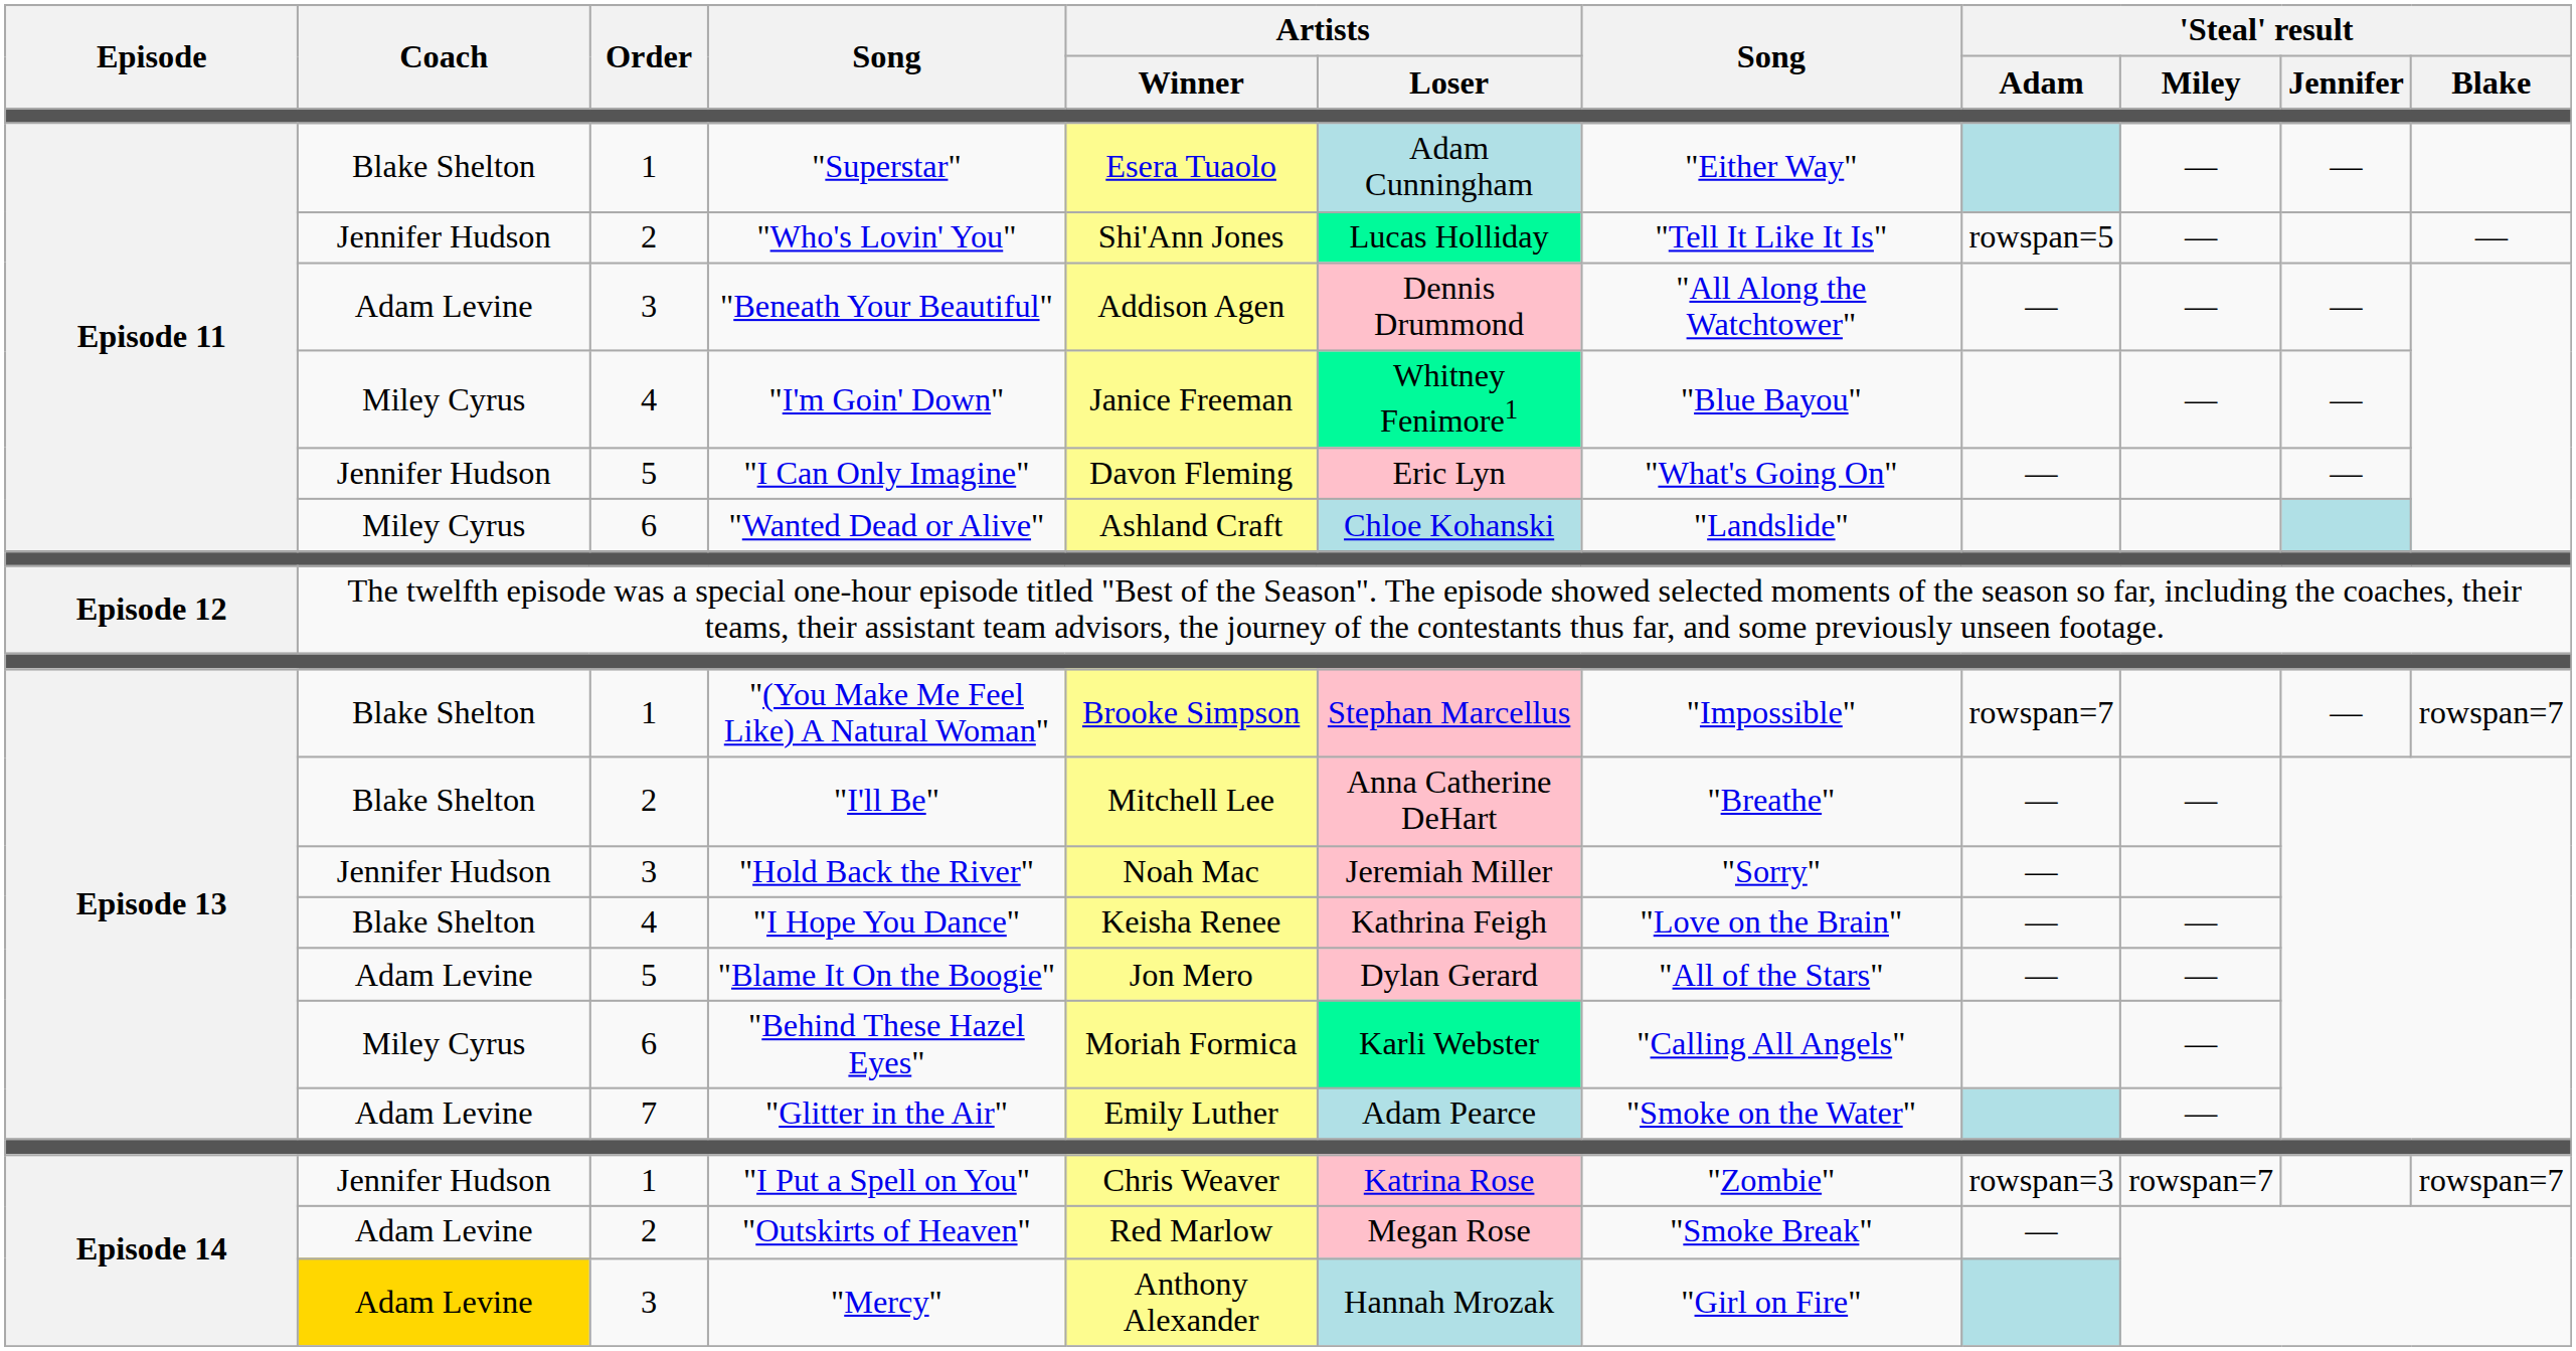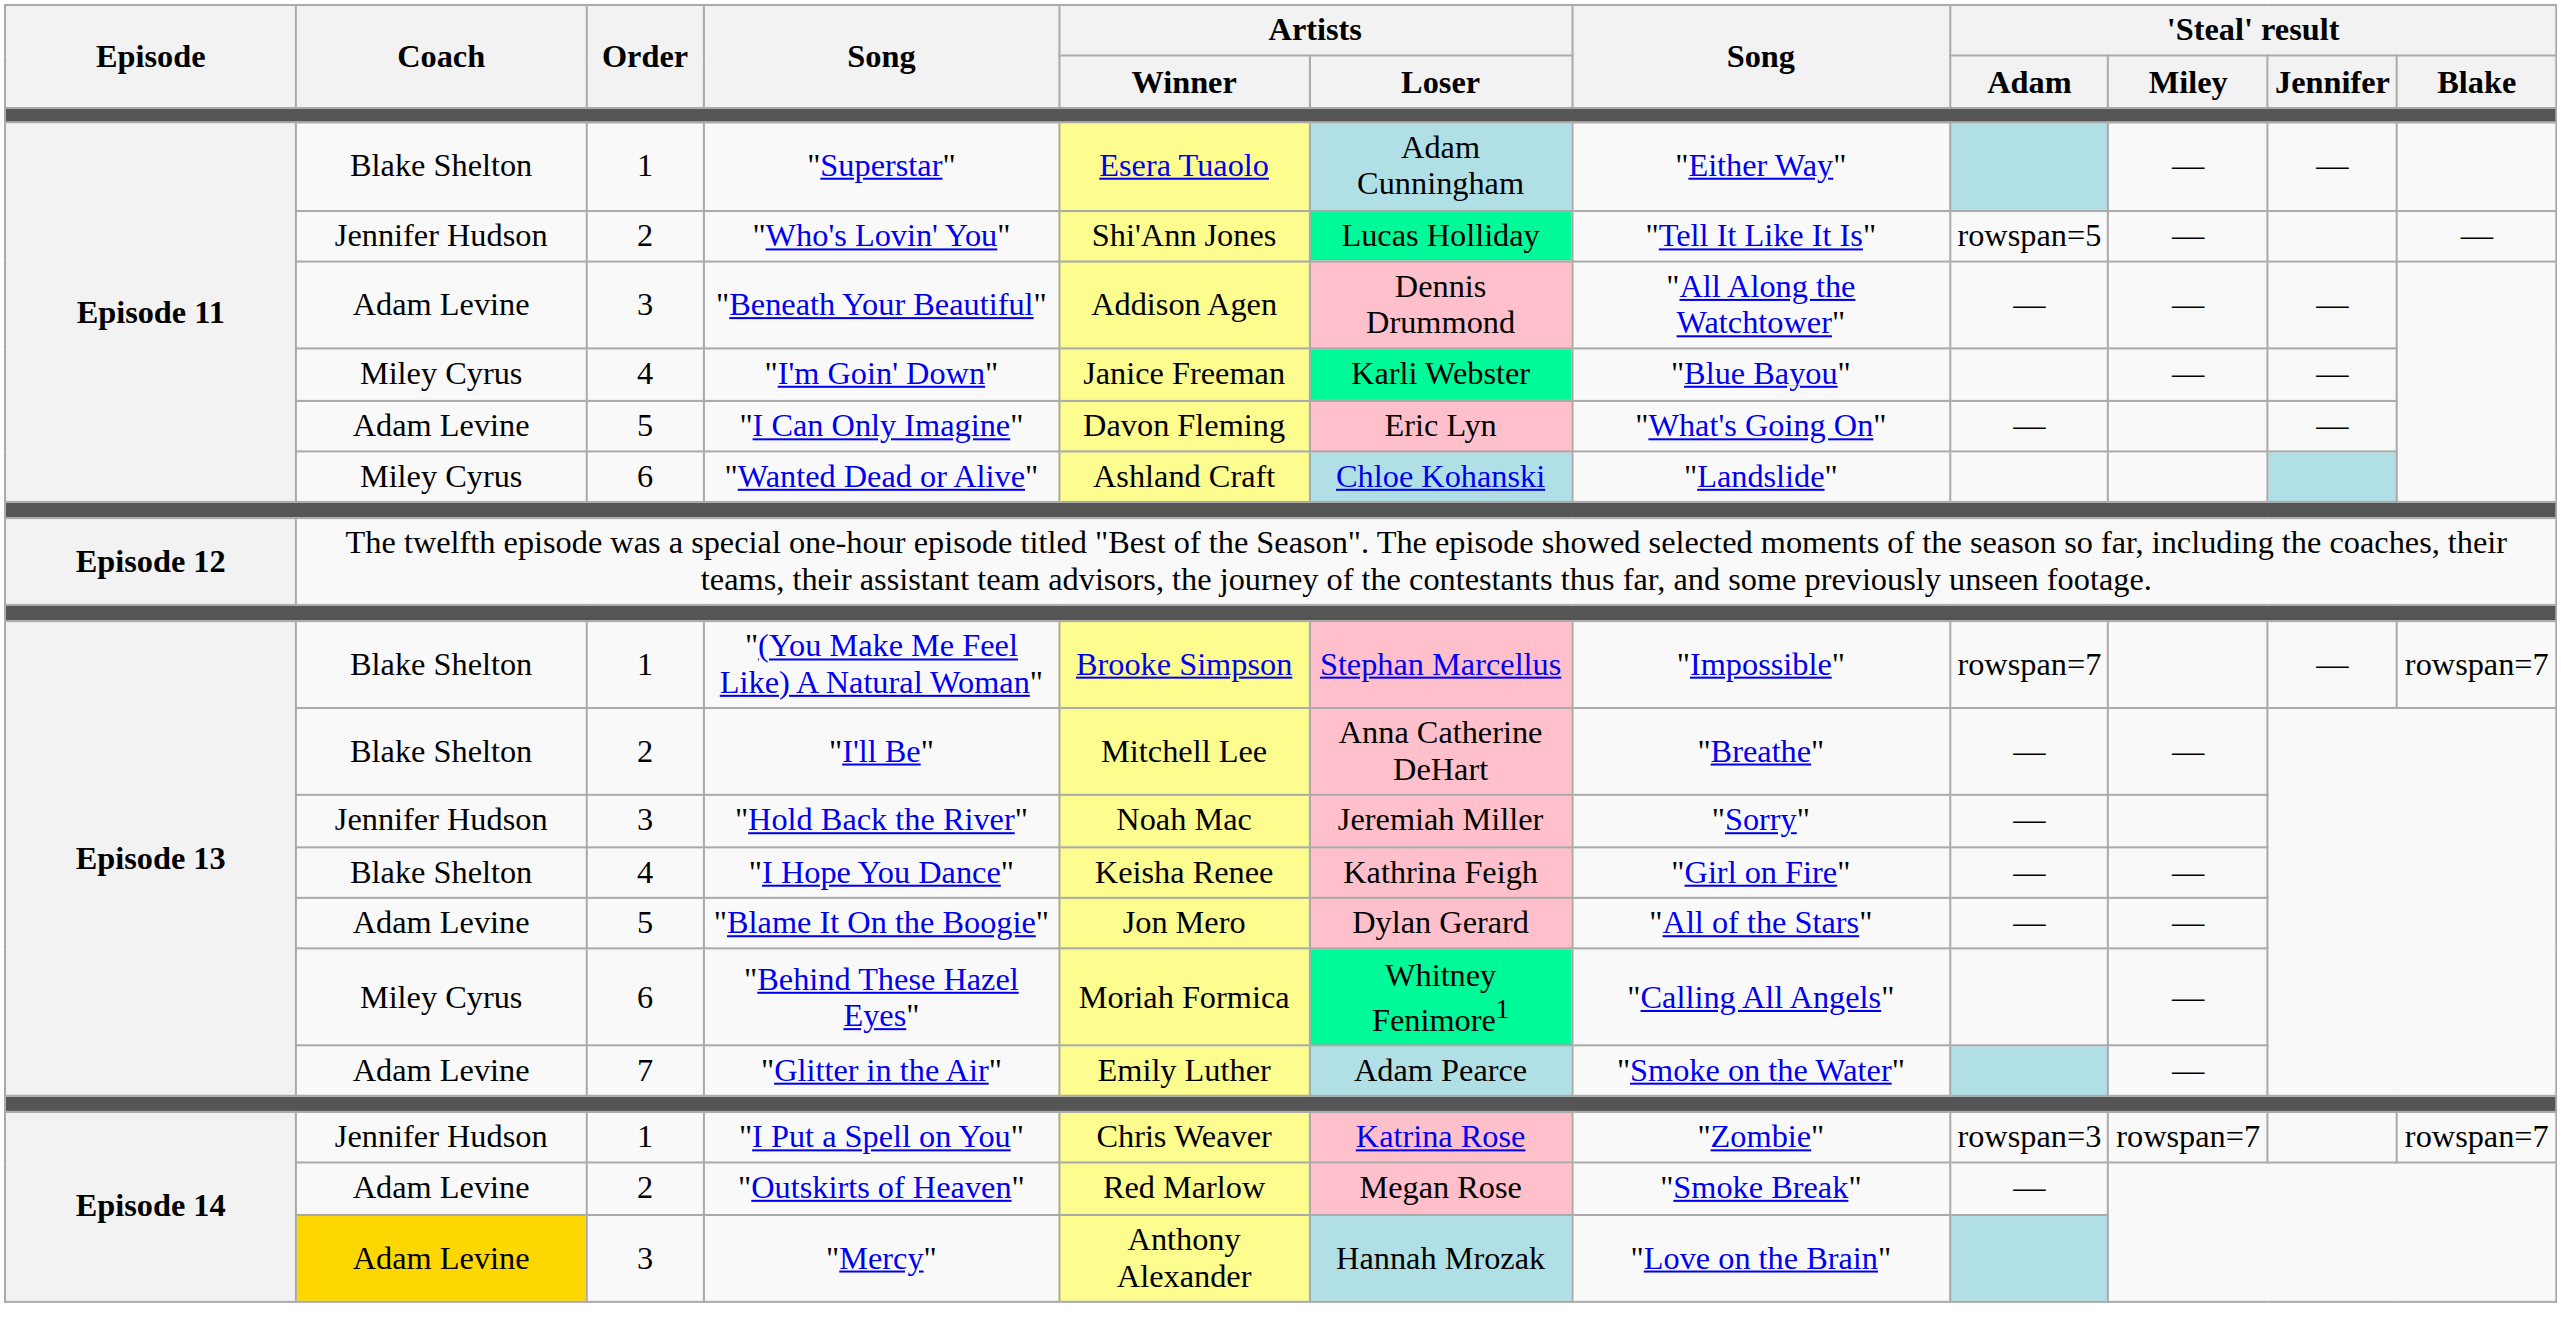 <table class="wikitable" style="text-align: center; width:100%;">
 <tr>
 <th rowspan="2" style="width:15%;">Episode</th>
 <th rowspan="2" style="width:15%;">Coach</th>
 <th rowspan="2" style="width:05%;">Order</th>
 <th rowspan="2" style="width:18%;">Song</th>
 <th colspan="2" style="width:22%;">Artists</th>
 <th rowspan="2" style="width:19%;">Song</th>
 <th colspan="4" style="width:20%;">'Steal' result</th>
 </tr>
 <tr>
 <th style="width:12%;">Winner</th>
 <th style="width:12%;">Loser</th>
 <th style="width:05%;">Adam</th>
 <th style="width:05%;">Miley</th>
 <th style="width:05%;">Jennifer</th>
 <th style="width:05%;">Blake</th>
 </tr>
 <tr>
 <td colspan="11" style="background:#555;"></td>
 </tr>
 <tr>
 <th rowspan="6">Episode 11 <br><small></small></th>
 <td>Blake Shelton</td>
 <td>1</td>
 <td>"<a href='#'>Superstar</a>"</td>
 <td style="background:#fdfc8f;"><a href='#'>Esera Tuaolo</a></td>
 <td style="background:#B0E0E6;">Adam Cunningham</td>
 <td>"<a href='#'>Either Way</a>"</td>
 <td style="background:#B0E0E6;"><strong></strong></td>
 <td>—</td>
 <td>—</td>
 <td></td>
 </tr>
 <tr>
 <td>Jennifer Hudson</td>
 <td>2</td>
 <td>"<a href='#'>Who's Lovin' You</a>"</td>
 <td style="background:#fdfc8f;">Shi'Ann Jones</td>
 <td style="background:#00fa9a;">Lucas Holliday</td>
 <td>"<a href='#'>Tell It Like It Is</a>"</td>
 <td>rowspan=5 </td>
 <td>—</td>
 <td></td>
 <td>—</td>
 </tr>
 <tr>
 <td>Adam Levine</td>
 <td>3</td>
 <td>"<a href='#'>Beneath Your Beautiful</a>"</td>
 <td style="background:#fdfc8f;">Addison Agen</td>
 <td style="background:pink;">Dennis Drummond</td>
 <td>"<a href='#'>All Along the Watchtower</a>"</td>
 <td>—</td>
 <td>—</td>
 <td>—</td>
 </tr>
 <tr>
 <td>Miley Cyrus</td>
 <td>4</td>
 <td>"<a href='#'>I'm Goin' Down</a>"</td>
 <td style="background:#fdfc8f;">Janice Freeman</td>
-<td style="background:#00fa9a;">Whitney Fenimore<sup>1</sup></td>
+<td style="background:#00fa9a;">Karli Webster</td>
 <td>"<a href='#'>Blue Bayou</a>"</td>
 <td></td>
 <td>—</td>
 <td>—</td>
 </tr>
 <tr>
-<td>Jennifer Hudson</td>
+<td>Adam Levine</td>
 <td>5</td>
 <td>"<a href='#'>I Can Only Imagine</a>"</td>
 <td style="background:#fdfc8f;">Davon Fleming</td>
 <td style="background:pink;">Eric Lyn</td>
 <td>"<a href='#'>What's Going On</a>"</td>
 <td>—</td>
 <td></td>
 <td>—</td>
 </tr>
 <tr>
 <td>Miley Cyrus</td>
 <td>6</td>
 <td>"<a href='#'>Wanted Dead or Alive</a>"</td>
 <td style="background:#fdfc8f;">Ashland Craft</td>
 <td style="background:#b0e0e6;"><a href='#'>Chloe Kohanski</a></td>
 <td>"<a href='#'>Landslide</a>"</td>
 <td></td>
 <td><strong></strong></td>
 <td style="background:#B0E0E6;"><strong></strong></td>
 </tr>
 <tr>
 <td colspan="11" style="background:#555;"></td>
 </tr>
 <tr>
 <th>Episode 12 <br><small></small></th>
 <td colspan="10">The twelfth episode was a special one-hour episode titled "Best of the Season". The episode showed selected moments of the season so far, including the coaches, their teams, their assistant team advisors, the journey of the contestants thus far, and some previously unseen footage.</td>
 </tr>
 <tr>
 <td colspan="11" style="background:#555;"></td>
 </tr>
 <tr>
 <th rowspan="7">Episode 13 <br><small></small></th>
 <td>Blake Shelton</td>
 <td>1</td>
 <td>"<a href='#'>(You Make Me Feel Like) A Natural Woman</a>"</td>
 <td style="background:#fdfc8f;"><a href='#'>Brooke Simpson</a></td>
 <td style="background:pink;"><a href='#'>Stephan Marcellus</a></td>
 <td>"<a href='#'>Impossible</a>"</td>
 <td>rowspan=7 </td>
 <td></td>
 <td>—</td>
 <td>rowspan=7 </td>
 </tr>
 <tr>
 <td>Blake Shelton</td>
 <td>2</td>
 <td>"<a href='#'>I'll Be</a>"</td>
 <td style="background:#fdfc8f;">Mitchell Lee</td>
 <td style="background:pink;">Anna Catherine DeHart</td>
 <td>"<a href='#'>Breathe</a>"</td>
 <td>—</td>
 <td>—</td>
 </tr>
 <tr>
 <td>Jennifer Hudson</td>
 <td>3</td>
 <td>"<a href='#'>Hold Back the River</a>"</td>
 <td style="background:#fdfc8f;">Noah Mac</td>
 <td style="background:pink;">Jeremiah Miller</td>
 <td>"<a href='#'>Sorry</a>"</td>
 <td>—</td>
 <td></td>
 </tr>
 <tr>
 <td>Blake Shelton</td>
 <td>4</td>
 <td>"<a href='#'>I Hope You Dance</a>"</td>
 <td style="background:#fdfc8f;">Keisha Renee</td>
 <td style="background:pink;">Kathrina Feigh</td>
-<td>"<a href='#'>Love on the Brain</a>"</td>
+<td>"<a href='#'>Girl on Fire</a>"</td>
 <td>—</td>
 <td>—</td>
 </tr>
 <tr>
 <td>Adam Levine</td>
 <td>5</td>
 <td>"<a href='#'>Blame It On the Boogie</a>"</td>
 <td style="background:#fdfc8f;">Jon Mero</td>
 <td style="background:pink;">Dylan Gerard</td>
 <td>"<a href='#'>All of the Stars</a>" </td>
 <td>—</td>
 <td>—</td>
 </tr>
 <tr>
 <td>Miley Cyrus</td>
 <td>6</td>
 <td>"<a href='#'>Behind These Hazel Eyes</a>"</td>
 <td style="background:#fdfc8f;">Moriah Formica</td>
-<td style="background:#00fa9a;">Karli Webster</td>
+<td style="background:#00fa9a;">Whitney Fenimore<sup>1</sup></td>
 <td>"<a href='#'>Calling All Angels</a>"</td>
 <td></td>
 <td>—</td>
 </tr>
 <tr>
 <td>Adam Levine</td>
 <td>7</td>
 <td>"<a href='#'>Glitter in the Air</a>"</td>
 <td style="background:#fdfc8f;">Emily Luther</td>
 <td style="background:#b0e0e6;">Adam Pearce</td>
 <td>"<a href='#'>Smoke on the Water</a>"</td>
 <td style="background:#B0E0E6;"><strong></strong></td>
 <td>—</td>
 </tr>
 <tr>
 <td colspan="11" style="background:#555;"></td>
 </tr>
 <tr>
 <th rowspan="3">Episode 14 <br><small></small></th>
 <td>Jennifer Hudson</td>
 <td>1</td>
 <td>"<a href='#'>I Put a Spell on You</a>"</td>
 <td style="background:#fdfc8f;">Chris Weaver</td>
 <td style="background:pink;"><a href='#'>Katrina Rose</a></td>
 <td>"<a href='#'>Zombie</a>"</td>
 <td>rowspan=3 </td>
 <td>rowspan=7 </td>
 <td></td>
 <td>rowspan=7 </td>
 </tr>
 <tr>
 <td>Adam Levine</td>
 <td>2</td>
 <td>"<a href='#'>Outskirts of Heaven</a>"</td>
 <td style="background:#fdfc8f;">Red Marlow</td>
 <td style="background:pink;">Megan Rose</td>
 <td>"<a href='#'>Smoke Break</a>"</td>
 <td>—</td>
 </tr>
 <tr>
 <td style="background: gold;">Adam Levine</td>
 <td>3</td>
 <td>"<a href='#'>Mercy</a>"</td>
 <td style="background:#fdfc8f;">Anthony Alexander</td>
 <td style="background:#b0e0e6;">Hannah Mrozak</td>
-<td>"<a href='#'>Girl on Fire</a>"</td>
+<td>"<a href='#'>Love on the Brain</a>"</td>
 <td style="background:#B0E0E6;"><strong></strong></td>
 </tr>
 </table>
